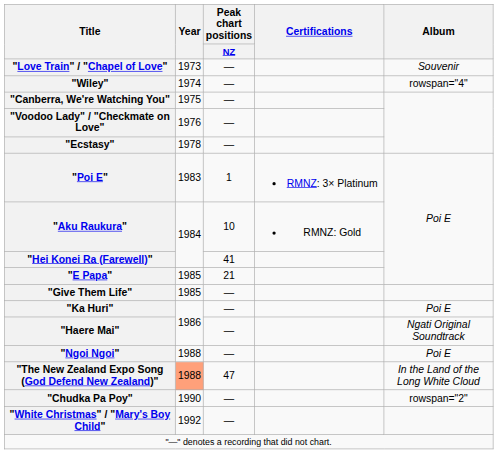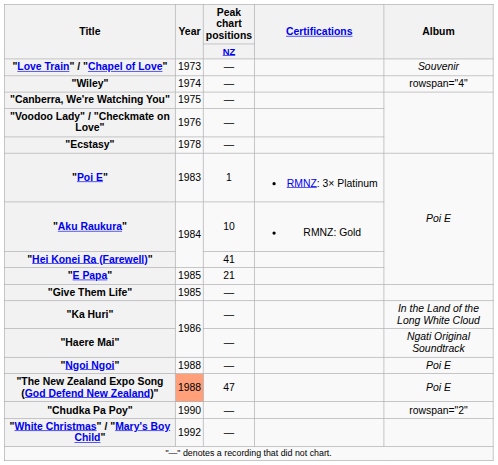 <table class="wikitable plainrowheaders" style="text-align:center;">
 <tr>
 <th scope="col" rowspan="2" style="width:16em;">Title</th>
 <th scope="col" rowspan="2" style="width:1em;">Year</th>
 <th scope="col" colspan="1">Peak chart positions</th>
 <th scope="col" rowspan="2" style="width:12em;"><a href='#'>Certifications</a></th>
 <th scope="col" rowspan="2" style="width:10em;">Album</th>
 </tr>
 <tr>
 <th scope="col" style="width:3em;font-size:90%;"><a href='#'>NZ</a><br></th>
 </tr>
 <tr>
 <th scope="row">"<a href='#'>Love Train</a>" / "<a href='#'>Chapel of Love</a>"<br></th>
 <td>1973</td>
 <td>—</td>
 <td></td>
 <td><em>Souvenir</em></td>
 </tr>
 <tr>
 <th scope="row">"Wiley"<br></th>
 <td>1974</td>
 <td>—</td>
 <td></td>
 <td>rowspan="4" </td>
 </tr>
 <tr>
 <th scope="row">"Canberra, We're Watching You"<br></th>
 <td>1975</td>
 <td>—</td>
 <td></td>
 </tr>
 <tr>
 <th scope="row">"Voodoo Lady" / "Checkmate on Love"<br></th>
 <td>1976</td>
 <td>—</td>
 <td></td>
 </tr>
 <tr>
 <th scope="row">"Ecstasy"<br></th>
 <td>1978</td>
 <td>—</td>
 <td></td>
 </tr>
 <tr>
 <th scope="row">"<a href='#'>Poi E</a>"<br></th>
 <td>1983</td>
 <td>1</td>
 <td><br><ul><li><a href='#'>RMNZ</a>: 3× Platinum</li></ul></td>
 <td rowspan="4"><em>Poi E</em></td>
 </tr>
 <tr>
 <th scope="row">"<a href='#'>Aku Raukura</a>"<br></th>
 <td rowspan="2">1984</td>
 <td>10</td>
 <td><br><ul><li>RMNZ: Gold</li></ul></td>
 </tr>
 <tr>
 <th scope="row">"<a href='#'>Hei Konei Ra (Farewell)</a>"<br></th>
 <td>41</td>
 <td></td>
 </tr>
 <tr>
 <th scope="row">"<a href='#'>E Papa</a>"<br></th>
 <td>1985</td>
 <td>21</td>
 <td></td>
 </tr>
 <tr>
 <th scope="row">"Give Them Life"<br></th>
 <td>1985</td>
 <td>—</td>
 <td></td>
 <td></td>
 </tr>
 <tr>
 <th scope="row">"Ka Huri"<br></th>
 <td rowspan="2">1986</td>
 <td>—</td>
 <td></td>
-<td><em>Poi E</em></td>
+<td><em>In the Land of the Long White Cloud</em></td>
 </tr>
 <tr>
 <th scope="row">"Haere Mai"<br></th>
 <td>—</td>
 <td></td>
 <td><em>Ngati Original Soundtrack</em></td>
 </tr>
 <tr>
 <th scope="row">"<a href='#'>Ngoi Ngoi</a>"<br></th>
 <td>1988</td>
 <td>—</td>
 <td></td>
 <td><em>Poi E</em></td>
 </tr>
 <tr>
 <th scope="row">"The New Zealand Expo Song (<a href='#'>God Defend New Zealand</a>)"<br></th>
 <td style="background: lightsalmon;">1988</td>
 <td>47</td>
 <td></td>
-<td><em>In the Land of the Long White Cloud</em></td>
+<td><em>Poi E</em></td>
 </tr>
 <tr>
 <th scope="row">"Chudka Pa Poy"</th>
 <td>1990</td>
 <td>—</td>
 <td></td>
 <td>rowspan="2" </td>
 </tr>
 <tr>
 <th scope="row">"<a href='#'>White Christmas</a>" / "<a href='#'>Mary's Boy Child</a>"<br></th>
 <td>1992</td>
 <td>—</td>
 <td></td>
 </tr>
 <tr>
 <td colspan="8" style="font-size:85%;">"—" denotes a recording that did not chart.</td>
 </tr>
 </table>
